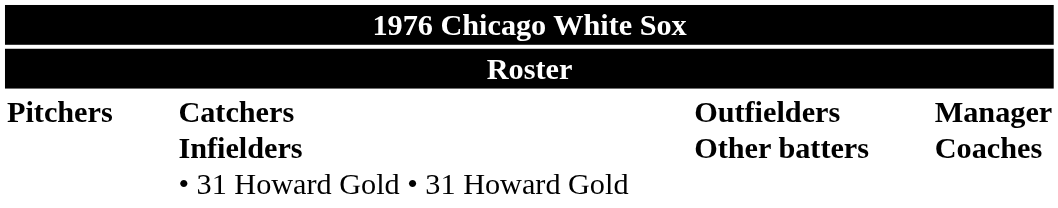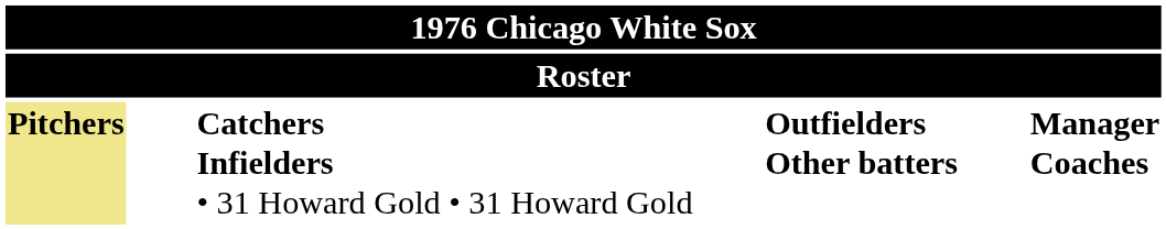 <table class="toccolours" style="font-size: 95%;">
 <tr>
 <th colspan="10" style="background-color: black; color: white; text-align: center;">1976 Chicago White Sox</th>
 </tr>
 <tr>
 <td colspan="10" style="background-color: black; color: white; text-align: center;"><strong>Roster</strong></td>
 </tr>
 <tr>
-<td valign="top"><strong>Pitchers</strong><br>               </td>
+<td valign="top" style="background: khaki;"><strong>Pitchers</strong><br>               </td>
 <td width="25px"></td>
 <td valign="top"><strong>Catchers</strong><br>     <strong>Infielders</strong><br>•    31 Howard Gold        •  31 Howard Gold</td>
 <td width="25px"></td>
 <td valign="top"><strong>Outfielders</strong><br>            <strong>Other batters</strong> </td>
 <td width="25px"></td>
 <td valign="top"><strong>Manager</strong><br> <strong>Coaches</strong>    </td>
 </tr>
 </table>
